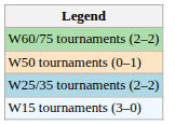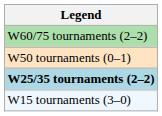 <table class="wikitable" style="font-size:85%">
 <tr>
 <th>Legend</th>
 </tr>
 <tr style="background:#addfad;">
 <td>W60/75 tournaments (2–2)</td>
 </tr>
 <tr style="background:#ffe4c4;">
 <td>W50 tournaments (0–1)</td>
 </tr>
 <tr style="background:lightblue;">
-<td>W25/35 tournaments (2–2)</td>
+<td><strong>W25/35 tournaments (2–2)</strong></td>
 </tr>
 <tr style="background:#f0f8ff;">
 <td>W15 tournaments (3–0)</td>
 </tr>
 </table>
